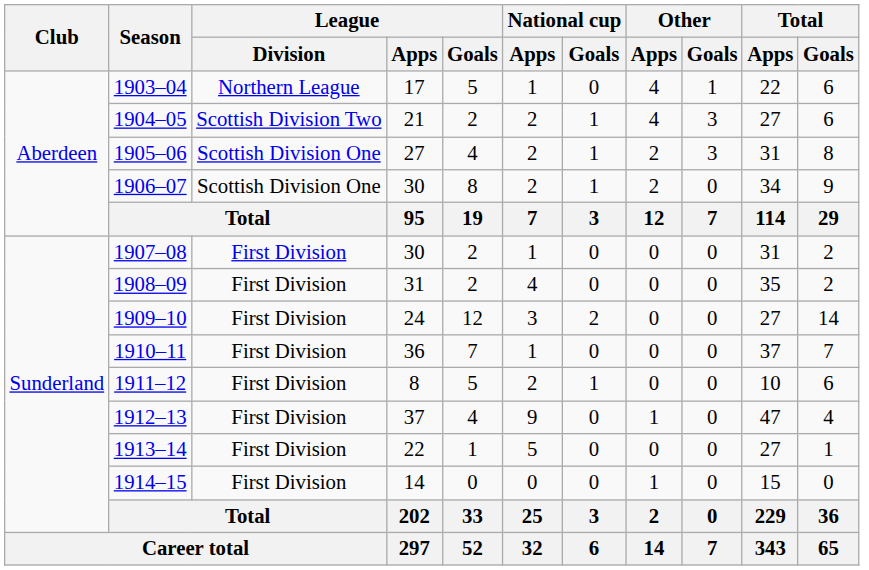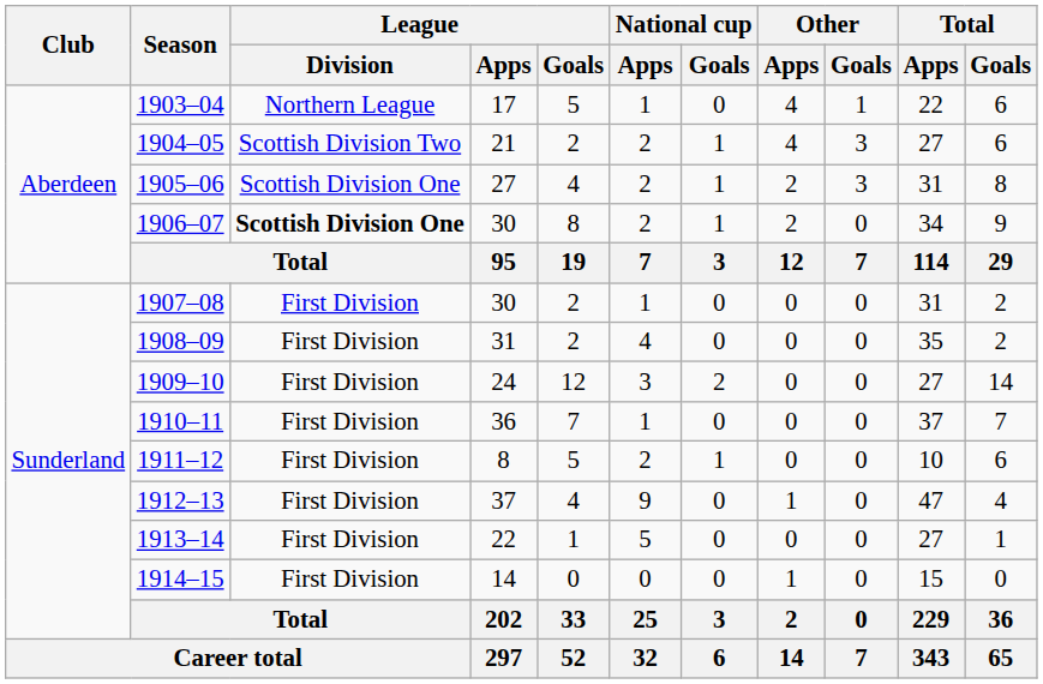 <table class="wikitable" style="text-align: center">
 <tr>
 <th rowspan="2">Club</th>
 <th rowspan="2">Season</th>
 <th colspan="3">League</th>
 <th colspan="2">National cup</th>
 <th colspan="2">Other</th>
 <th colspan="2">Total</th>
 </tr>
 <tr>
 <th>Division</th>
 <th>Apps</th>
 <th>Goals</th>
 <th>Apps</th>
 <th>Goals</th>
 <th>Apps</th>
 <th>Goals</th>
 <th>Apps</th>
 <th>Goals</th>
 </tr>
 <tr>
 <td rowspan="5"><a href='#'>Aberdeen</a></td>
 <td><a href='#'>1903–04</a></td>
 <td><a href='#'>Northern League</a></td>
 <td>17</td>
 <td>5</td>
 <td>1</td>
 <td>0</td>
 <td>4</td>
 <td>1</td>
 <td>22</td>
 <td>6</td>
 </tr>
 <tr>
 <td><a href='#'>1904–05</a></td>
 <td><a href='#'>Scottish Division Two</a></td>
 <td>21</td>
 <td>2</td>
 <td>2</td>
 <td>1</td>
 <td>4</td>
 <td>3</td>
 <td>27</td>
 <td>6</td>
 </tr>
 <tr>
 <td><a href='#'>1905–06</a></td>
 <td><a href='#'>Scottish Division One</a></td>
 <td>27</td>
 <td>4</td>
 <td>2</td>
 <td>1</td>
 <td>2</td>
 <td>3</td>
 <td>31</td>
 <td>8</td>
 </tr>
 <tr>
 <td><a href='#'>1906–07</a></td>
-<td>Scottish Division One</td>
+<td><strong>Scottish Division One</strong></td>
 <td>30</td>
 <td>8</td>
 <td>2</td>
 <td>1</td>
 <td>2</td>
 <td>0</td>
 <td>34</td>
 <td>9</td>
 </tr>
 <tr>
 <th colspan="2">Total</th>
 <th>95</th>
 <th>19</th>
 <th>7</th>
 <th>3</th>
 <th>12</th>
 <th>7</th>
 <th>114</th>
 <th>29</th>
 </tr>
 <tr>
 <td rowspan="9"><a href='#'>Sunderland</a></td>
 <td><a href='#'>1907–08</a></td>
 <td><a href='#'>First Division</a></td>
 <td>30</td>
 <td>2</td>
 <td>1</td>
 <td>0</td>
 <td>0</td>
 <td>0</td>
 <td>31</td>
 <td>2</td>
 </tr>
 <tr>
 <td><a href='#'>1908–09</a></td>
 <td>First Division</td>
 <td>31</td>
 <td>2</td>
 <td>4</td>
 <td>0</td>
 <td>0</td>
 <td>0</td>
 <td>35</td>
 <td>2</td>
 </tr>
 <tr>
 <td><a href='#'>1909–10</a></td>
 <td>First Division</td>
 <td>24</td>
 <td>12</td>
 <td>3</td>
 <td>2</td>
 <td>0</td>
 <td>0</td>
 <td>27</td>
 <td>14</td>
 </tr>
 <tr>
 <td><a href='#'>1910–11</a></td>
 <td>First Division</td>
 <td>36</td>
 <td>7</td>
 <td>1</td>
 <td>0</td>
 <td>0</td>
 <td>0</td>
 <td>37</td>
 <td>7</td>
 </tr>
 <tr>
 <td><a href='#'>1911–12</a></td>
 <td>First Division</td>
 <td>8</td>
 <td>5</td>
 <td>2</td>
 <td>1</td>
 <td>0</td>
 <td>0</td>
 <td>10</td>
 <td>6</td>
 </tr>
 <tr>
 <td><a href='#'>1912–13</a></td>
 <td>First Division</td>
 <td>37</td>
 <td>4</td>
 <td>9</td>
 <td>0</td>
 <td>1</td>
 <td>0</td>
 <td>47</td>
 <td>4</td>
 </tr>
 <tr>
 <td><a href='#'>1913–14</a></td>
 <td>First Division</td>
 <td>22</td>
 <td>1</td>
 <td>5</td>
 <td>0</td>
 <td>0</td>
 <td>0</td>
 <td>27</td>
 <td>1</td>
 </tr>
 <tr>
 <td><a href='#'>1914–15</a></td>
 <td>First Division</td>
 <td>14</td>
 <td>0</td>
 <td>0</td>
 <td>0</td>
 <td>1</td>
 <td>0</td>
 <td>15</td>
 <td>0</td>
 </tr>
 <tr>
 <th colspan="2">Total</th>
 <th>202</th>
 <th>33</th>
 <th>25</th>
 <th>3</th>
 <th>2</th>
 <th>0</th>
 <th>229</th>
 <th>36</th>
 </tr>
 <tr>
 <th colspan="3">Career total</th>
 <th>297</th>
 <th>52</th>
 <th>32</th>
 <th>6</th>
 <th>14</th>
 <th>7</th>
 <th>343</th>
 <th>65</th>
 </tr>
 </table>
